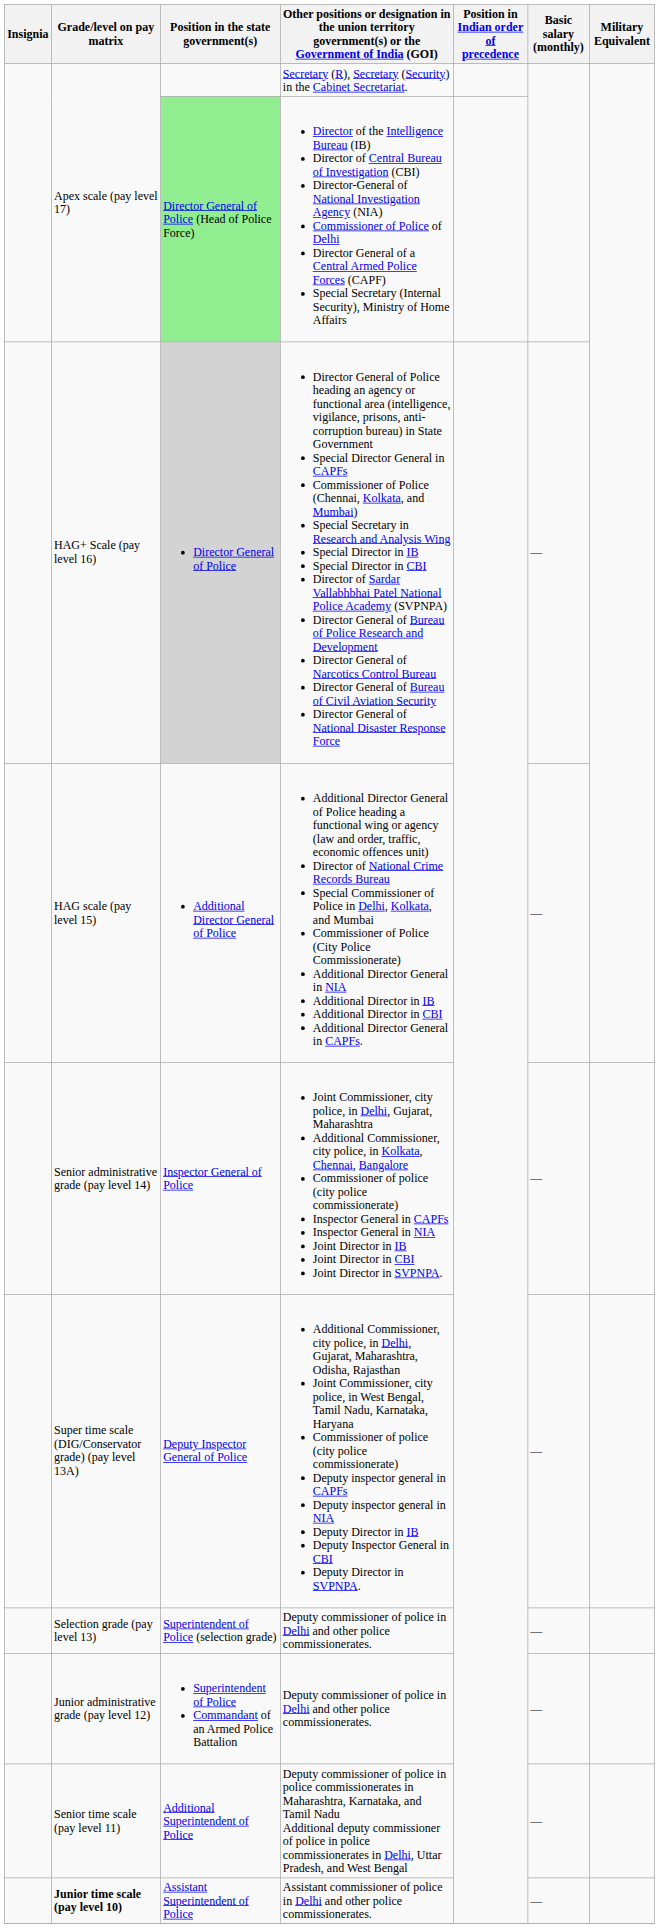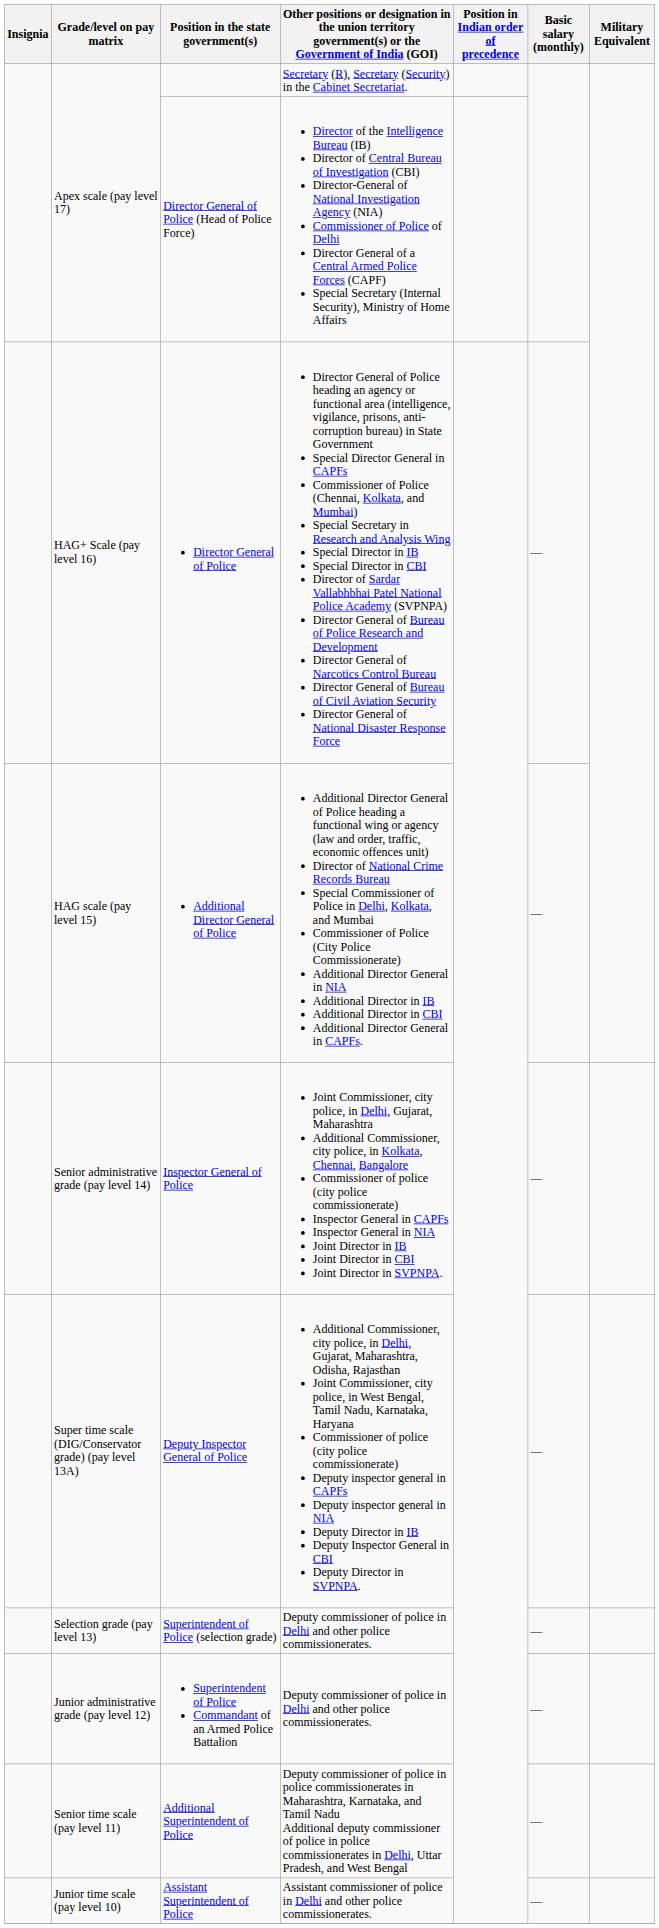 <table class="wikitable sortable mw-collapsible">
 <tr>
 <th>Insignia</th>
 <th>Grade/level on pay matrix</th>
 <th>Position in the state government(s)</th>
 <th>Other positions or designation in the union territory government(s) or the <a href='#'>Government of India</a> (GOI)</th>
 <th>Position in <a href='#'>Indian order of precedence</a></th>
 <th>Basic salary (monthly)</th>
 <th>Military Equivalent </th>
 </tr>
 <tr>
 <td rowspan="2"></td>
 <td rowspan="2">Apex scale (pay level 17)</td>
 <td></td>
 <td><a href='#'>Secretary</a> (<a href='#'>R</a>), <a href='#'>Secretary</a> (<a href='#'>Security</a>) in the <a href='#'>Cabinet Secretariat</a>.</td>
 <td></td>
 <td rowspan="2"></td>
 <td rowspan="4"></td>
 </tr>
 <tr>
-<td style="background: lightgreen;"><a href='#'>Director General of Police</a> (Head of Police Force)</td>
+<td><a href='#'>Director General of Police</a> (Head of Police Force)</td>
 <td><br><ul><li><a href='#'>Director</a> of the <a href='#'>Intelligence Bureau</a> (IB)</li><li>Director of <a href='#'>Central Bureau of Investigation</a> (CBI)</li><li>Director-General of <a href='#'>National Investigation Agency</a> (NIA)</li><li><a href='#'>Commissioner of Police</a> of <a href='#'>Delhi</a></li><li>Director General of a <a href='#'>Central Armed Police Forces</a> (CAPF)</li><li>Special Secretary (Internal Security), Ministry of Home Affairs</li></ul></td>
 <td></td>
 </tr>
 <tr>
 <td></td>
 <td>HAG+ Scale (pay level 16)</td>
-<td style="background: lightgrey;"><br><ul><li><a href='#'>Director General of Police</a></li></ul></td>
+<td><br><ul><li><a href='#'>Director General of Police</a></li></ul></td>
 <td><br><ul><li>Director General of Police heading an agency or functional area (intelligence, vigilance, prisons, anti-corruption bureau) in State Government</li><li>Special Director General in <a href='#'>CAPFs</a></li><li>Commissioner of Police (Chennai, <a href='#'>Kolkata</a>, and <a href='#'>Mumbai</a>)</li><li>Special Secretary in <a href='#'>Research and Analysis Wing</a></li><li>Special Director in <a href='#'>IB</a></li><li>Special Director in <a href='#'>CBI</a></li><li>Director of <a href='#'>Sardar Vallabhbhai Patel National Police Academy</a> (SVPNPA)</li><li>Director General of <a href='#'>Bureau of Police Research and Development</a></li><li>Director General of <a href='#'>Narcotics Control Bureau</a></li><li>Director General of <a href='#'>Bureau of Civil Aviation Security</a></li><li>Director General of <a href='#'>National Disaster Response Force</a></li></ul></td>
 <td rowspan="8"></td>
 <td>—</td>
 </tr>
 <tr>
 <td></td>
 <td>HAG scale (pay level 15)</td>
 <td><br><ul><li><a href='#'>Additional Director General of Police</a></li></ul></td>
 <td><br><ul><li>Additional Director General of Police heading a functional wing or agency (law and order, traffic, economic offences unit)</li><li>Director of <a href='#'>National Crime Records Bureau</a></li><li>Special Commissioner of Police in <a href='#'>Delhi</a>, <a href='#'>Kolkata</a>, and Mumbai</li><li>Commissioner of Police (City Police Commissionerate)</li><li>Additional Director General in <a href='#'>NIA</a></li><li>Additional Director in <a href='#'>IB</a></li><li>Additional Director in <a href='#'>CBI</a></li><li>Additional Director General in <a href='#'>CAPFs</a>.</li></ul></td>
 <td>—</td>
 </tr>
 <tr>
 <td></td>
 <td>Senior administrative grade (pay level 14)</td>
 <td><a href='#'>Inspector General of Police</a></td>
 <td><br><ul><li>Joint Commissioner, city police, in <a href='#'>Delhi</a>, Gujarat, Maharashtra</li><li>Additional Commissioner, city police, in <a href='#'>Kolkata</a>, <a href='#'>Chennai</a>, <a href='#'>Bangalore</a></li><li>Commissioner of police (city police commissionerate)</li><li>Inspector General in <a href='#'>CAPFs</a></li><li>Inspector General in <a href='#'>NIA</a></li><li>Joint Director in <a href='#'>IB</a></li><li>Joint Director in <a href='#'>CBI</a></li><li>Joint Director in <a href='#'>SVPNPA</a>.</li></ul></td>
 <td>—</td>
 <td></td>
 </tr>
 <tr>
 <td></td>
 <td>Super time scale (DIG/Conservator grade) (pay level 13A)</td>
 <td><a href='#'>Deputy Inspector General of Police</a></td>
 <td><br><ul><li>Additional Commissioner, city police, in <a href='#'>Delhi</a>, Gujarat, Maharashtra, Odisha, Rajasthan</li><li>Joint Commissioner, city police, in West Bengal, Tamil Nadu, Karnataka, Haryana</li><li>Commissioner of police (city police commissionerate)</li><li>Deputy inspector general in <a href='#'>CAPFs</a></li><li>Deputy inspector general in <a href='#'>NIA</a></li><li>Deputy Director in <a href='#'>IB</a></li><li>Deputy Inspector General in <a href='#'>CBI</a></li><li>Deputy Director in <a href='#'>SVPNPA</a>.</li></ul></td>
 <td>—</td>
 <td></td>
 </tr>
 <tr>
 <td></td>
 <td>Selection grade (pay level 13)</td>
 <td><a href='#'>Superintendent of Police</a> (selection grade)</td>
 <td>Deputy commissioner of police in <a href='#'>Delhi</a> and other police commissionerates.</td>
 <td>—</td>
 <td></td>
 </tr>
 <tr>
 <td></td>
 <td>Junior administrative grade (pay level 12)</td>
 <td><br><ul><li><a href='#'>Superintendent of Police</a></li><li><a href='#'>Commandant</a> of an Armed Police Battalion</li></ul></td>
 <td>Deputy commissioner of police in <a href='#'>Delhi</a> and other police commissionerates.</td>
 <td>—</td>
 <td></td>
 </tr>
 <tr>
 <td></td>
 <td>Senior time scale (pay level 11)</td>
 <td><a href='#'>Additional Superintendent of Police</a></td>
 <td>Deputy commissioner of police in police commissionerates in  Maharashtra, Karnataka, and Tamil Nadu<br>Additional deputy commissioner of police in police commissionerates in <a href='#'>Delhi</a>, Uttar Pradesh, and West Bengal</td>
 <td>—</td>
 <td></td>
 </tr>
 <tr>
 <td></td>
-<td><strong>Junior time scale (pay level 10)</strong></td>
+<td>Junior time scale (pay level 10)</td>
 <td><a href='#'>Assistant Superintendent of Police</a></td>
 <td>Assistant commissioner of police in <a href='#'>Delhi</a> and other police commissionerates.</td>
 <td>—</td>
 <td></td>
 </tr>
 <tr>
 </tr>
 </table>
